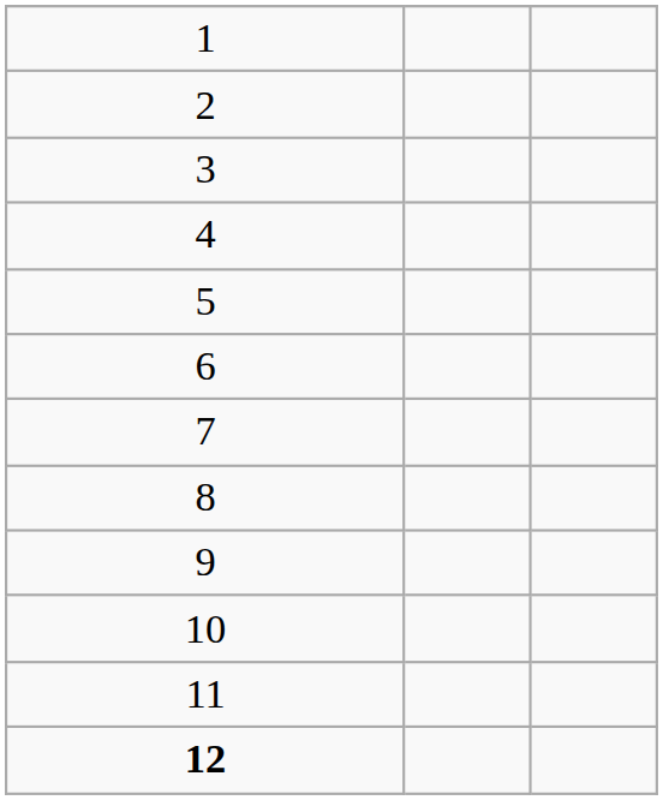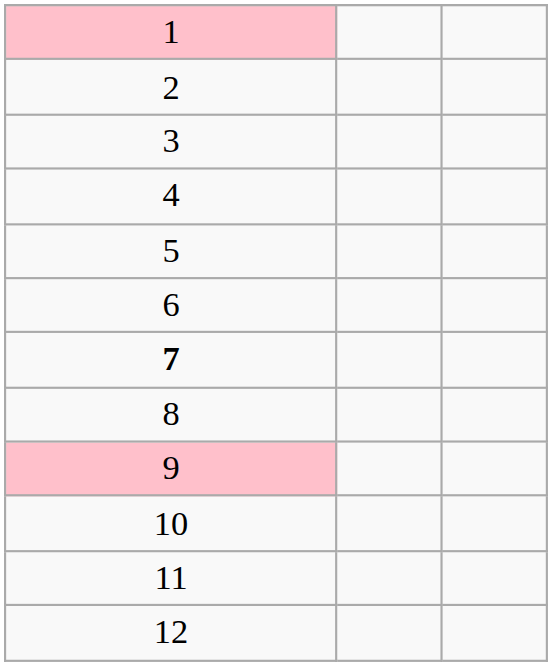 <table class="wikitable" style="width: 20%;text-align: center;">
 <tr align="center">
 </tr>
 <tr align="center">
-<td>1</td>
+<td style="background: pink;">1</td>
 <td></td>
 <td></td>
 </tr>
 <tr>
 <td>2</td>
 <td></td>
 <td></td>
 </tr>
 <tr>
 <td>3</td>
 <td></td>
 <td></td>
 </tr>
 <tr>
 <td>4</td>
 <td></td>
 <td></td>
 </tr>
 <tr>
 <td>5</td>
 <td></td>
 <td></td>
 </tr>
 <tr>
 <td>6</td>
 <td></td>
 <td></td>
 </tr>
 <tr>
-<td>7</td>
+<td><strong>7</strong></td>
 <td></td>
 <td></td>
 </tr>
 <tr>
 <td>8</td>
 <td></td>
 <td></td>
 </tr>
 <tr>
-<td>9</td>
+<td style="background: pink;">9</td>
 <td></td>
 <td></td>
 </tr>
 <tr>
 <td>10</td>
 <td></td>
 <td></td>
 </tr>
 <tr>
 <td>11</td>
 <td></td>
 <td></td>
 </tr>
 <tr>
-<td><strong>12</strong></td>
+<td>12</td>
 <td></td>
 <td></td>
 </tr>
 </table>
